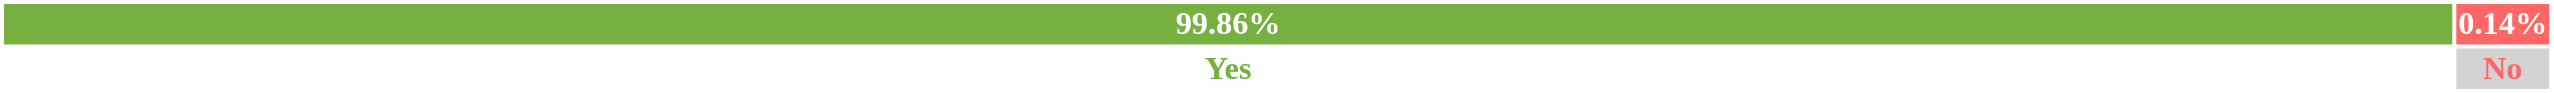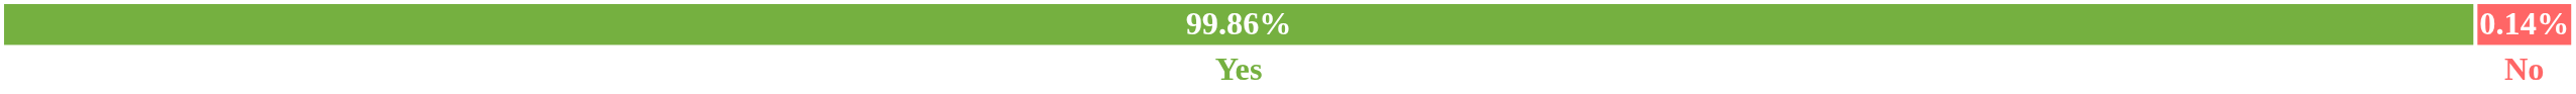 <table style="width:100%; font-weight:bold; text-align:center">
 <tr style="color:white;">
 <td style="background:#75B040; width:99.86%; ">99.86%</td>
 <td style="background:#f66; width:0.14%; ">0.14%</td>
 </tr>
 <tr>
 <td style="color:#75B040;">Yes</td>
-<td style="background: lightgrey; color:#f66;">No</td>
+<td style="color:#f66;">No</td>
 </tr>
 </table>
